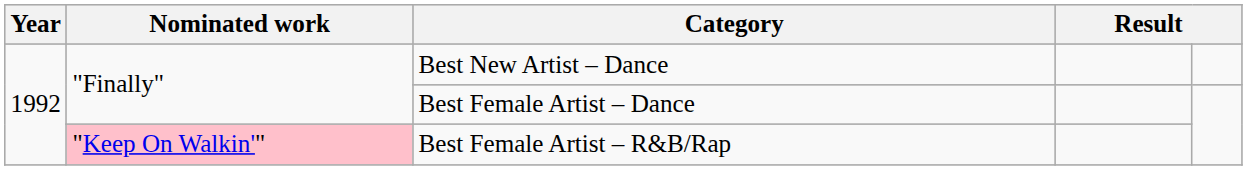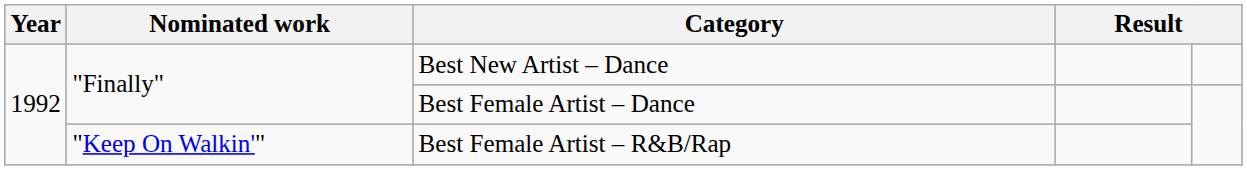 <table class=wikitable>
 <tr>
 <th width=5%>Year</th>
 <th width=28%>Nominated work</th>
 <th width=52%>Category</th>
 <th width=15% colspan=2>Result</th>
 </tr>
 <tr>
 <td rowspan=3>1992</td>
 <td rowspan=2>"Finally"</td>
 <td>Best New Artist – Dance</td>
 <td></td>
 <td width=4% align=center></td>
 </tr>
 <tr>
 <td>Best Female Artist – Dance</td>
 <td></td>
 <td width=4% align=center rowspan=2></td>
 </tr>
 <tr>
-<td style="background: pink;">"<a href='#'>Keep On Walkin'</a>"</td>
+<td>"<a href='#'>Keep On Walkin'</a>"</td>
 <td>Best Female Artist – R&B/Rap</td>
 <td></td>
 </tr>
 </table>
